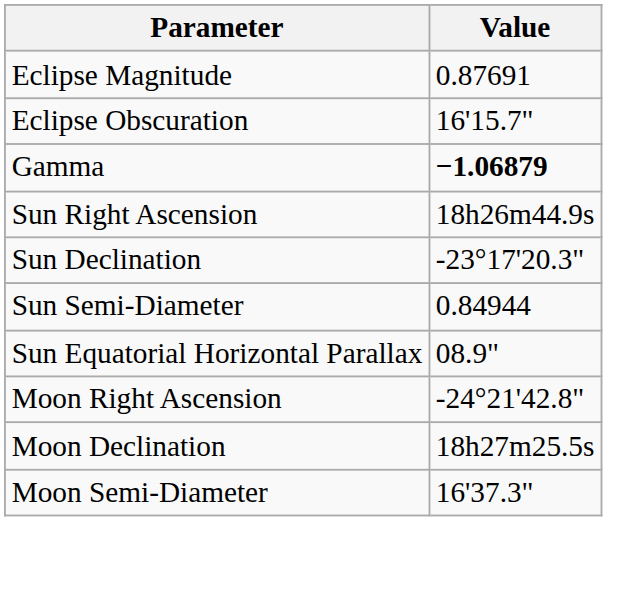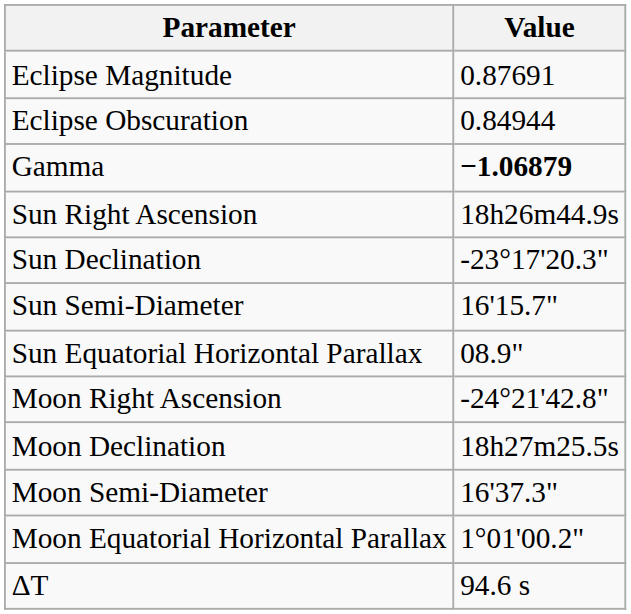 <table class="wikitable">
 <tr>
 <th>Parameter</th>
 <th>Value</th>
 </tr>
 <tr>
 <td>Eclipse Magnitude</td>
 <td>0.87691</td>
 </tr>
 <tr>
 <td>Eclipse Obscuration</td>
-<td>16'15.7"</td>
+<td>0.84944</td>
 </tr>
 <tr>
 <td>Gamma</td>
 <td><strong>−1.06879</strong></td>
 </tr>
 <tr>
 <td>Sun Right Ascension</td>
 <td>18h26m44.9s</td>
 </tr>
 <tr>
 <td>Sun Declination</td>
 <td>-23°17'20.3"</td>
 </tr>
 <tr>
 <td>Sun Semi-Diameter</td>
-<td>0.84944</td>
+<td>16'15.7"</td>
 </tr>
 <tr>
 <td>Sun Equatorial Horizontal Parallax</td>
 <td>08.9"</td>
 </tr>
 <tr>
 <td>Moon Right Ascension</td>
 <td>-24°21'42.8"</td>
 </tr>
 <tr>
 <td>Moon Declination</td>
 <td>18h27m25.5s</td>
 </tr>
 <tr>
 <td>Moon Semi-Diameter</td>
 <td>16'37.3"</td>
 </tr>
+<tr>
+<td>Moon Equatorial Horizontal Parallax</td>
+<td>1°01'00.2"</td>
+</tr>
+<tr>
+<td>ΔT</td>
+<td>94.6 s</td>
+</tr>
 </table>
